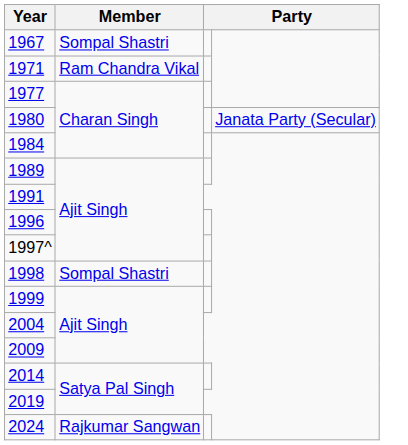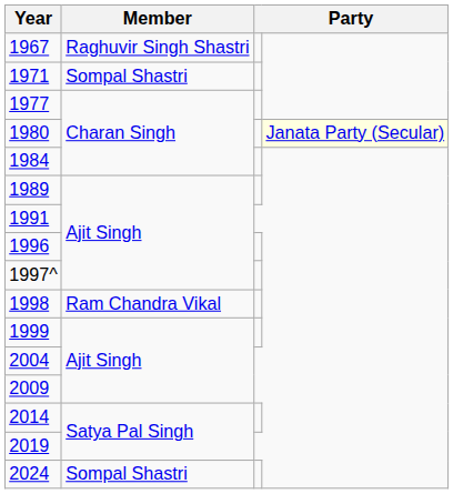 <table class="wikitable sortable">
 <tr>
 <th>Year</th>
 <th>Member</th>
 <th colspan="2">Party</th>
 </tr>
 <tr>
 <td><a href='#'>1967</a></td>
-<td><a href='#'>Sompal Shastri</a></td>
+<td><a href='#'>Raghuvir Singh Shastri</a></td>
 <td></td>
 </tr>
 <tr>
 <td><a href='#'>1971</a></td>
-<td><a href='#'>Ram Chandra Vikal</a></td>
+<td><a href='#'>Sompal Shastri</a></td>
 <td></td>
 </tr>
 <tr>
 <td><a href='#'>1977</a></td>
 <td rowspan="3"><a href='#'>Charan Singh</a></td>
 <td></td>
 </tr>
 <tr>
 <td><a href='#'>1980</a></td>
 <td style="background-color: "></td>
-<td><a href='#'>Janata Party (Secular)</a></td>
+<td style="background: lightyellow;"><a href='#'>Janata Party (Secular)</a></td>
 </tr>
 <tr>
 <td><a href='#'>1984</a></td>
 <td></td>
 </tr>
 <tr>
 <td><a href='#'>1989</a></td>
 <td rowspan="4"><a href='#'>Ajit Singh</a></td>
 <td></td>
 </tr>
 <tr>
 <td><a href='#'>1991</a></td>
 </tr>
 <tr>
 <td><a href='#'>1996</a></td>
 <td></td>
 </tr>
 <tr>
 <td>1997^</td>
 <td></td>
 </tr>
 <tr>
 <td><a href='#'>1998</a></td>
-<td><a href='#'>Sompal Shastri</a></td>
+<td><a href='#'>Ram Chandra Vikal</a></td>
 <td></td>
 </tr>
 <tr>
 <td><a href='#'>1999</a></td>
 <td rowspan="3"><a href='#'>Ajit Singh</a></td>
 <td></td>
 </tr>
 <tr>
 <td><a href='#'>2004</a></td>
 </tr>
 <tr>
 <td><a href='#'>2009</a></td>
 </tr>
 <tr>
 <td><a href='#'>2014</a></td>
 <td rowspan="2"><a href='#'>Satya Pal Singh</a></td>
 <td></td>
 </tr>
 <tr>
 <td><a href='#'>2019</a></td>
 </tr>
 <tr>
 <td><a href='#'>2024</a></td>
-<td><a href='#'>Rajkumar Sangwan</a></td>
+<td><a href='#'>Sompal Shastri</a></td>
 <td></td>
 </tr>
 </table>
